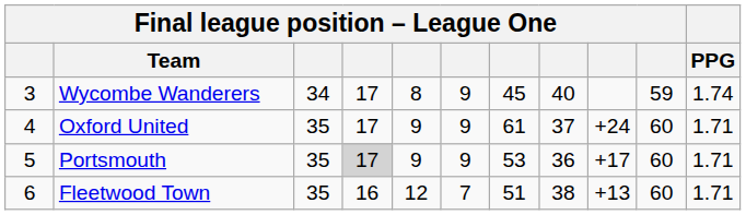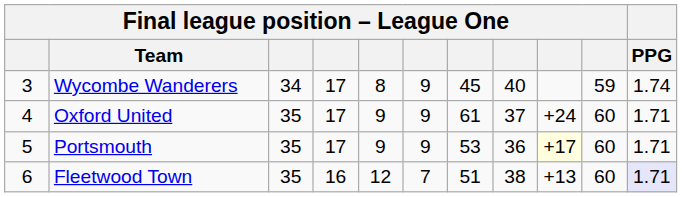 <table class="wikitable" style="text-align:center">
 <tr>
 <th colspan="10"><big>Final league position – League One </big></th>
 <th></th>
 </tr>
 <tr>
 <th width="30"></th>
 <th width="175">Team</th>
 <th width="30"></th>
 <th width="30"></th>
 <th width="30"></th>
 <th width="30"></th>
 <th width="30"></th>
 <th width="30"></th>
 <th width="30"></th>
 <th width="30"></th>
 <th>PPG</th>
 </tr>
 <tr>
 <td>3</td>
 <td align="left"><a href='#'>Wycombe Wanderers</a></td>
 <td>34</td>
 <td>17</td>
 <td>8</td>
 <td>9</td>
 <td>45</td>
 <td>40</td>
 <td></td>
 <td>59</td>
 <td>1.74</td>
 </tr>
 <tr>
 <td>4</td>
 <td align="left"><a href='#'>Oxford United</a></td>
 <td>35</td>
 <td>17</td>
 <td>9</td>
 <td>9</td>
 <td>61</td>
 <td>37</td>
 <td>+24</td>
 <td>60</td>
 <td>1.71</td>
 </tr>
 <tr>
 <td>5</td>
 <td align="left"><a href='#'>Portsmouth</a></td>
 <td>35</td>
-<td style="background: lightgrey;">17</td>
+<td>17</td>
 <td>9</td>
 <td>9</td>
 <td>53</td>
 <td>36</td>
-<td>+17</td>
+<td style="background: lightyellow;">+17</td>
 <td>60</td>
 <td>1.71</td>
 </tr>
 <tr>
 <td>6</td>
 <td align="left"><a href='#'>Fleetwood Town</a></td>
 <td>35</td>
 <td>16</td>
 <td>12</td>
 <td>7</td>
 <td>51</td>
 <td>38</td>
 <td>+13</td>
 <td>60</td>
-<td>1.71</td>
+<td style="background: lavender;">1.71</td>
 </tr>
 </table>
